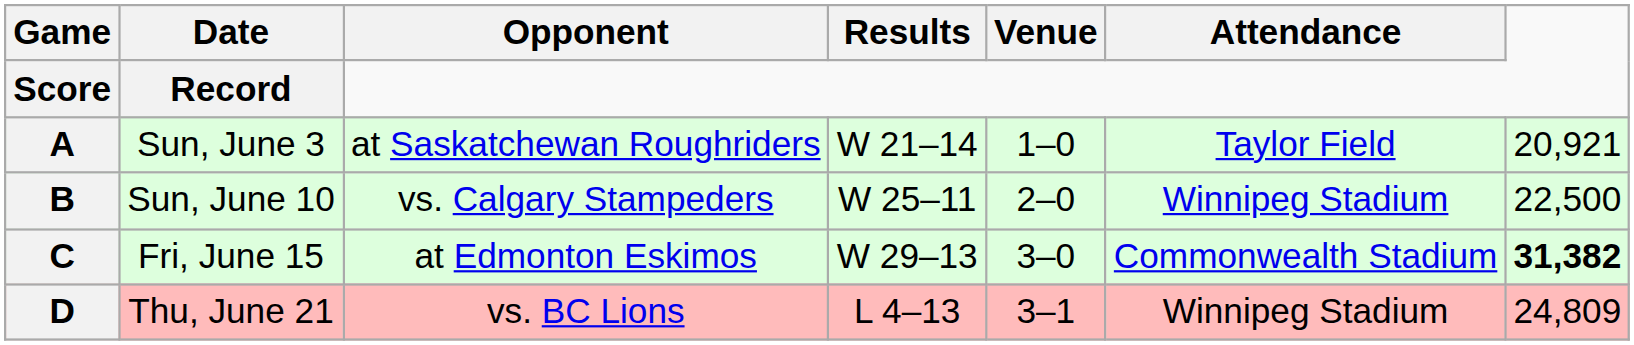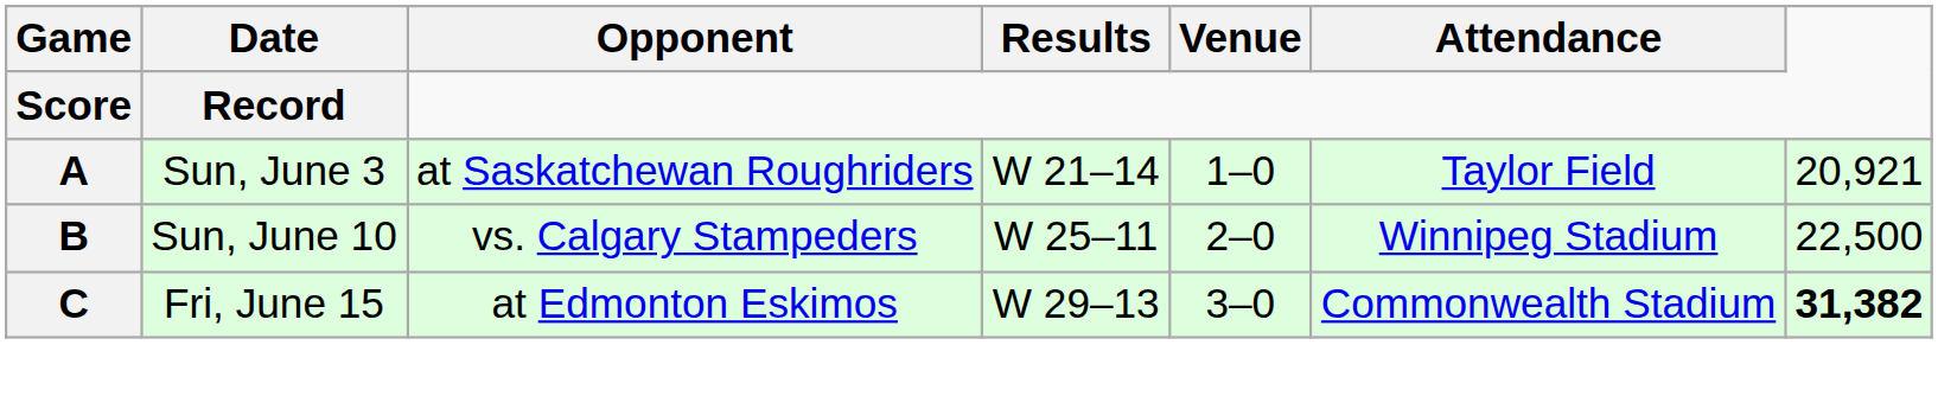 <table class="wikitable" style="text-align:center">
 <tr>
 <th>Game</th>
 <th>Date</th>
 <th>Opponent</th>
 <th>Results</th>
 <th>Venue</th>
 <th>Attendance</th>
 </tr>
 <tr>
 <th>Score</th>
 <th>Record</th>
 </tr>
 <tr style="background:#ddffdd">
 <th>A</th>
 <td>Sun, June 3</td>
 <td>at <a href='#'>Saskatchewan Roughriders</a></td>
 <td>W 21–14</td>
 <td>1–0</td>
 <td><a href='#'>Taylor Field</a></td>
 <td>20,921</td>
 </tr>
 <tr style="background:#ddffdd">
 <th>B</th>
 <td>Sun, June 10</td>
 <td>vs. <a href='#'>Calgary Stampeders</a></td>
 <td>W 25–11</td>
 <td>2–0</td>
 <td><a href='#'>Winnipeg Stadium</a></td>
 <td>22,500</td>
 </tr>
 <tr style="background:#ddffdd">
 <th>C</th>
 <td>Fri, June 15</td>
 <td>at <a href='#'>Edmonton Eskimos</a></td>
 <td>W 29–13</td>
 <td>3–0</td>
 <td><a href='#'>Commonwealth Stadium</a></td>
 <td><strong>31,382</strong></td>
 </tr>
-<tr style="background:#ffbbbb">
-<th>D</th>
-<td>Thu, June 21</td>
-<td>vs. <a href='#'>BC Lions</a></td>
-<td>L 4–13</td>
-<td>3–1</td>
-<td>Winnipeg Stadium</td>
-<td>24,809</td>
-</tr>
 </table>
